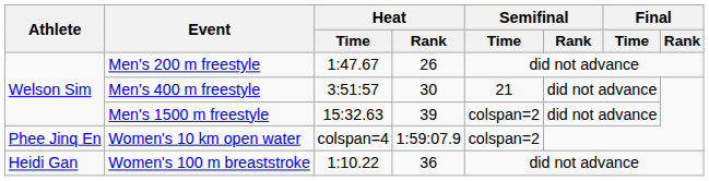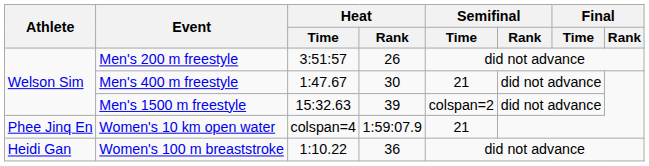 <table class=wikitable style="font-size:90%">
 <tr>
 <th rowspan="2">Athlete</th>
 <th rowspan="2">Event</th>
 <th colspan="2">Heat</th>
 <th colspan="2">Semifinal</th>
 <th colspan="2">Final</th>
 </tr>
 <tr style="font-size:95%">
 <th>Time</th>
 <th>Rank</th>
 <th>Time</th>
 <th>Rank</th>
 <th>Time</th>
 <th>Rank</th>
 </tr>
 <tr align=center>
 <td align=left rowspan=3><a href='#'>Welson Sim</a></td>
 <td align=left><a href='#'>Men's 200 m freestyle</a></td>
-<td>1:47.67</td>
+<td>3:51:57</td>
 <td>26</td>
 <td colspan=4>did not advance</td>
 </tr>
 <tr align=center>
 <td align=left><a href='#'>Men's 400 m freestyle</a></td>
-<td>3:51:57</td>
+<td>1:47.67</td>
 <td>30</td>
 <td>21</td>
 <td colspan=2>did not advance</td>
 </tr>
 <tr align=center>
 <td align=left><a href='#'>Men's 1500 m freestyle</a></td>
 <td>15:32.63</td>
 <td>39</td>
 <td>colspan=2 </td>
 <td colspan=2>did not advance</td>
 </tr>
 <tr align=center>
 <td align=left><a href='#'>Phee Jinq En</a></td>
 <td align=left><a href='#'>Women's 10 km open water</a></td>
 <td>colspan=4 </td>
 <td>1:59:07.9</td>
-<td>colspan=2 </td>
+<td>21</td>
 </tr>
 <tr align=center>
 <td align=left><a href='#'>Heidi Gan</a></td>
 <td align=left><a href='#'>Women's 100 m breaststroke</a></td>
 <td>1:10.22</td>
 <td>36</td>
 <td colspan=4>did not advance</td>
 </tr>
 </table>
